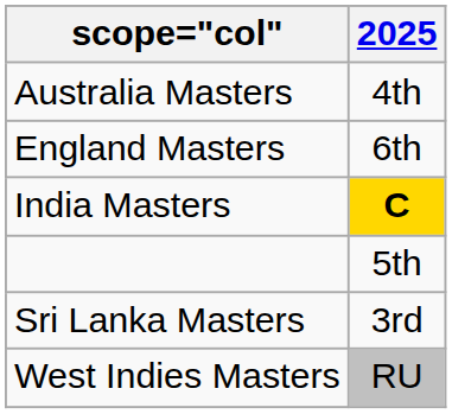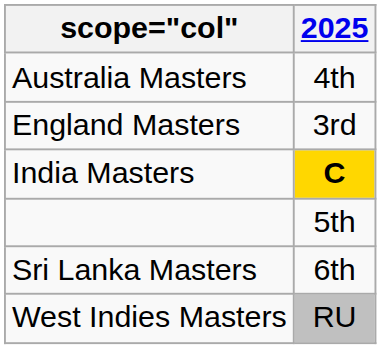 <table class="wikitable" style="text-align:center">
 <tr>
 <th>scope="col" </th>
 <th><a href='#'>2025</a></th>
 </tr>
 <tr>
 <td style="text-align:left;">Australia Masters</td>
 <td>4th</td>
 </tr>
 <tr>
 <td style="text-align:left;">England Masters</td>
-<td>6th</td>
+<td>3rd</td>
 </tr>
 <tr>
 <td style="text-align:left;">India Masters</td>
 <td style="background: gold"><strong>C</strong></td>
 </tr>
 <tr>
 <td style="text-align:left;"></td>
 <td>5th</td>
 </tr>
 <tr>
 <td style="text-align:left;">Sri Lanka Masters</td>
-<td>3rd</td>
+<td>6th</td>
 </tr>
 <tr>
 <td style="text-align:left;">West Indies Masters</td>
 <td style="background:silver;">RU</td>
 </tr>
 </table>
